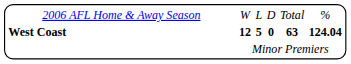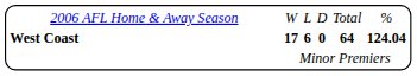 <table style="margin-right:4px; margin-top:8px; float:right; border:1px #000 solid; border-radius:8px; background:#fff; font-family:Verdana; font-size:8pt; text-align:center;">
 <tr>
 <td width=200><em><a href='#'>2006 AFL Home & Away Season</a></em></td>
 <td><em>W</em></td>
 <td><em>L</em></td>
 <td><em>D</em></td>
 <td><em>Total</em></td>
 <td><em>%</em></td>
 </tr>
 <tr>
 <td style="text-align:left"><strong>West Coast</strong></td>
-<td><strong>12</strong></td>
-<td><strong>5</strong></td>
+<td><strong>17</strong></td>
+<td><strong>6</strong></td>
 <td><strong>0</strong></td>
-<td><strong>63</strong></td>
+<td><strong>64</strong></td>
 <td><strong>124.04</strong></td>
 </tr>
 <tr>
 <td></td>
 <td colspan=9><em>Minor Premiers</em></td>
 </tr>
 </table>
